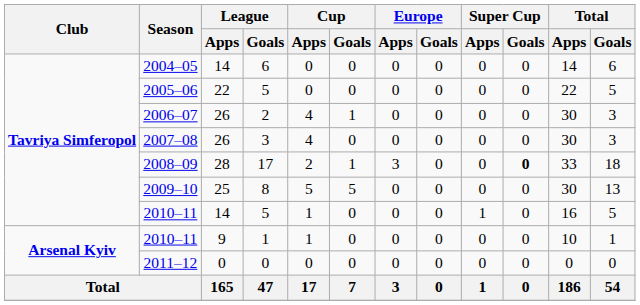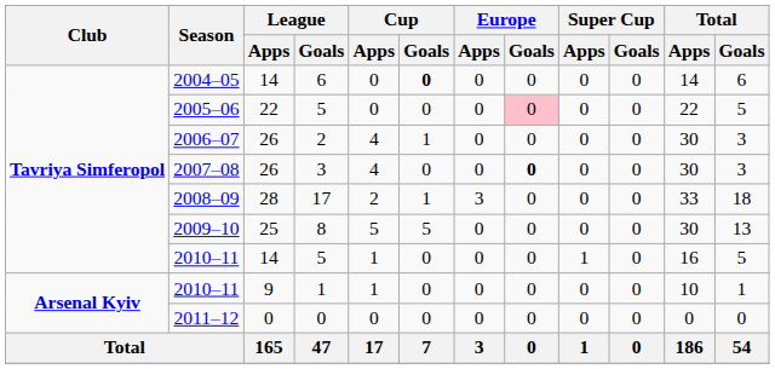 <table class="wikitable sortable" style="text-align: center;">
 <tr>
 <th rowspan="2">Club</th>
 <th rowspan="2">Season</th>
 <th colspan="2">League</th>
 <th colspan="2">Cup</th>
 <th colspan="2"><a href='#'>Europe</a></th>
 <th colspan="2">Super Cup</th>
 <th colspan="2">Total</th>
 </tr>
 <tr>
 <th>Apps</th>
 <th>Goals</th>
 <th>Apps</th>
 <th>Goals</th>
 <th>Apps</th>
 <th>Goals</th>
 <th>Apps</th>
 <th>Goals</th>
 <th>Apps</th>
 <th>Goals</th>
 </tr>
 <tr>
 <td rowspan="7"><strong><a href='#'>Tavriya Simferopol</a></strong></td>
 <td><a href='#'>2004–05</a></td>
 <td>14</td>
 <td>6</td>
 <td>0</td>
-<td>0</td>
+<td><strong>0</strong></td>
 <td>0</td>
 <td>0</td>
 <td>0</td>
 <td>0</td>
 <td>14</td>
 <td>6</td>
 </tr>
 <tr>
 <td><a href='#'>2005–06</a></td>
 <td>22</td>
 <td>5</td>
 <td>0</td>
 <td>0</td>
 <td>0</td>
-<td>0</td>
+<td style="background: pink;">0</td>
 <td>0</td>
 <td>0</td>
 <td>22</td>
 <td>5</td>
 </tr>
 <tr>
 <td><a href='#'>2006–07</a></td>
 <td>26</td>
 <td>2</td>
 <td>4</td>
 <td>1</td>
 <td>0</td>
 <td>0</td>
 <td>0</td>
 <td>0</td>
 <td>30</td>
 <td>3</td>
 </tr>
 <tr>
 <td><a href='#'>2007–08</a></td>
 <td>26</td>
 <td>3</td>
 <td>4</td>
 <td>0</td>
 <td>0</td>
-<td>0</td>
+<td><strong>0</strong></td>
 <td>0</td>
 <td>0</td>
 <td>30</td>
 <td>3</td>
 </tr>
 <tr>
 <td><a href='#'>2008–09</a></td>
 <td>28</td>
 <td>17</td>
 <td>2</td>
 <td>1</td>
 <td>3</td>
 <td>0</td>
 <td>0</td>
-<td><strong>0</strong></td>
+<td>0</td>
 <td>33</td>
 <td>18</td>
 </tr>
 <tr>
 <td><a href='#'>2009–10</a></td>
 <td>25</td>
 <td>8</td>
 <td>5</td>
 <td>5</td>
 <td>0</td>
 <td>0</td>
 <td>0</td>
 <td>0</td>
 <td>30</td>
 <td>13</td>
 </tr>
 <tr>
 <td><a href='#'>2010–11</a></td>
 <td>14</td>
 <td>5</td>
 <td>1</td>
 <td>0</td>
 <td>0</td>
 <td>0</td>
 <td>1</td>
 <td>0</td>
 <td>16</td>
 <td>5</td>
 </tr>
 <tr>
 <td rowspan="2"><strong><a href='#'>Arsenal Kyiv</a></strong></td>
 <td><a href='#'>2010–11</a></td>
 <td>9</td>
 <td>1</td>
 <td>1</td>
 <td>0</td>
 <td>0</td>
 <td>0</td>
 <td>0</td>
 <td>0</td>
 <td>10</td>
 <td>1</td>
 </tr>
 <tr>
 <td><a href='#'>2011–12</a></td>
 <td>0</td>
 <td>0</td>
 <td>0</td>
 <td>0</td>
 <td>0</td>
 <td>0</td>
 <td>0</td>
 <td>0</td>
 <td>0</td>
 <td>0</td>
 </tr>
 <tr>
 <th colspan="2">Total</th>
 <th>165</th>
 <th>47</th>
 <th>17</th>
 <th>7</th>
 <th>3</th>
 <th>0</th>
 <th>1</th>
 <th>0</th>
 <th>186</th>
 <th>54</th>
 </tr>
 <tr>
 </tr>
 </table>
